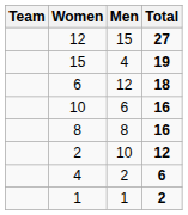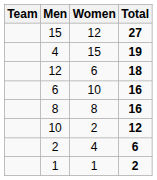 <table class=wikitable style="text-align:center">
 <tr>
 <th>Team</th>
+<th>Men</th>
 <th>Women</th>
-<th>Men</th>
 <th>Total</th>
 </tr>
 <tr>
 <td align=left></td>
+<td>15</td>
 <td>12</td>
-<td>15</td>
 <td><strong>27</strong></td>
 </tr>
 <tr>
 <td align=left></td>
+<td>4</td>
 <td>15</td>
-<td>4</td>
 <td><strong>19</strong></td>
 </tr>
 <tr>
 <td align=left></td>
+<td>12</td>
 <td>6</td>
-<td>12</td>
 <td><strong>18</strong></td>
 </tr>
 <tr>
 <td align=left></td>
+<td>6</td>
 <td>10</td>
-<td>6</td>
 <td><strong>16</strong></td>
 </tr>
 <tr>
 <td align=left></td>
 <td>8</td>
 <td>8</td>
 <td><strong>16</strong></td>
 </tr>
 <tr>
 <td align=left></td>
+<td>10</td>
 <td>2</td>
-<td>10</td>
 <td><strong>12</strong></td>
 </tr>
 <tr>
 <td align=left></td>
+<td>2</td>
 <td>4</td>
-<td>2</td>
 <td><strong>6</strong></td>
 </tr>
 <tr>
 <td align=left></td>
 <td>1</td>
 <td>1</td>
 <td><strong>2</strong></td>
 </tr>
 </table>
